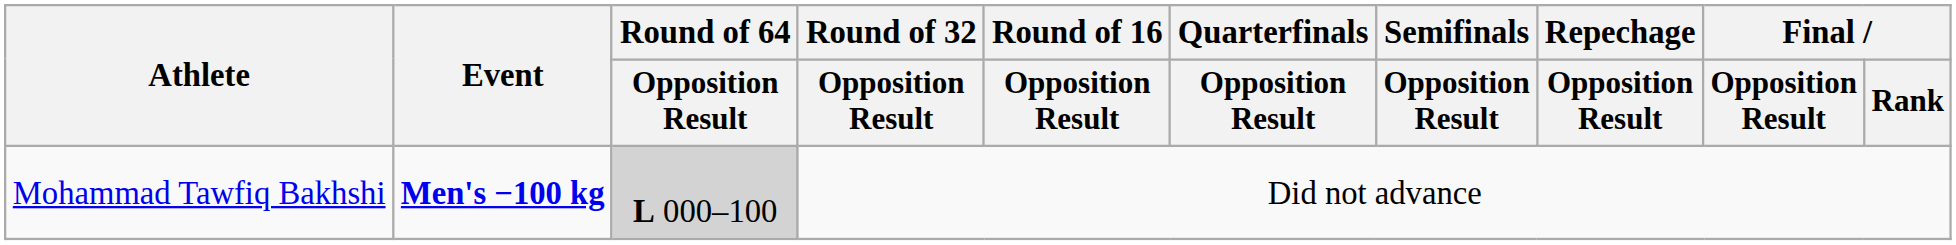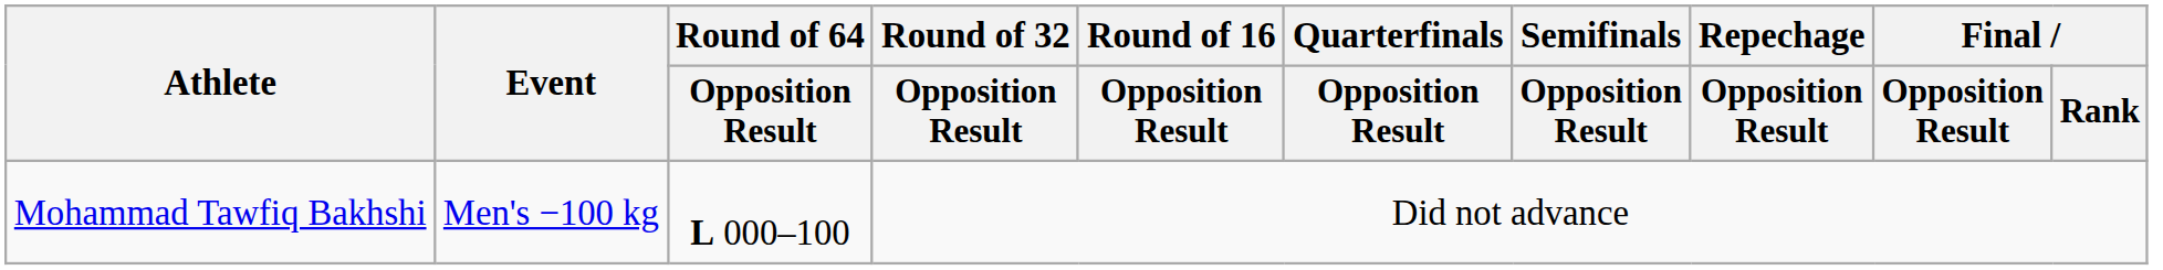 <table class="wikitable" style="font-size:90%">
 <tr>
 <th rowspan=2>Athlete</th>
 <th rowspan=2>Event</th>
 <th>Round of 64</th>
 <th>Round of 32</th>
 <th>Round of 16</th>
 <th>Quarterfinals</th>
 <th>Semifinals</th>
 <th>Repechage</th>
 <th colspan=2>Final / </th>
 </tr>
 <tr style="font-size:95%">
 <th>Opposition<br>Result</th>
 <th>Opposition<br>Result</th>
 <th>Opposition<br>Result</th>
 <th>Opposition<br>Result</th>
 <th>Opposition<br>Result</th>
 <th>Opposition<br>Result</th>
 <th>Opposition<br>Result</th>
 <th>Rank</th>
 </tr>
 <tr align=center>
 <td align=left><a href='#'>Mohammad Tawfiq Bakhshi</a></td>
-<td align=left><strong><a href='#'>Men's −100 kg</a></strong></td>
-<td style="background: lightgrey;"><br><strong>L</strong> 000–100</td>
+<td align=left><a href='#'>Men's −100 kg</a></td>
+<td><br><strong>L</strong> 000–100</td>
 <td colspan=7>Did not advance</td>
 </tr>
 </table>
